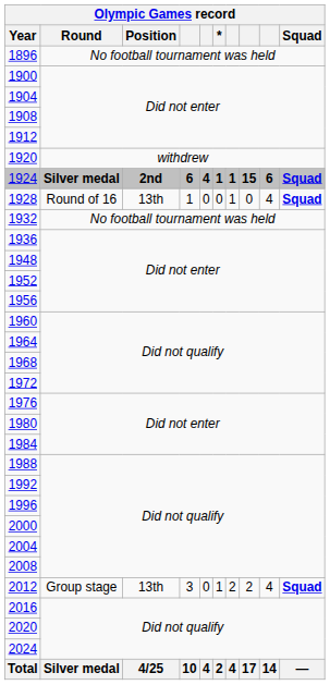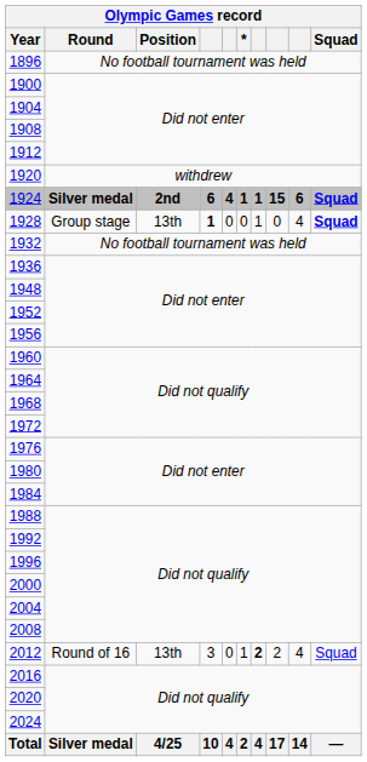 <table class="wikitable" style="text-align: center;">
 <tr>
 <th colspan=10><a href='#'>Olympic Games</a> record</th>
 </tr>
 <tr>
 <th>Year</th>
 <th>Round</th>
 <th>Position</th>
 <th></th>
 <th></th>
 <th>*</th>
 <th></th>
 <th></th>
 <th></th>
 <th>Squad</th>
 </tr>
 <tr>
 <td> <a href='#'>1896</a></td>
 <td colspan=9><em>No football tournament was held</em></td>
 </tr>
 <tr>
 <td> <a href='#'>1900</a></td>
 <td colspan=9 rowspan=4><em>Did not enter</em></td>
 </tr>
 <tr>
 <td> <a href='#'>1904</a></td>
 </tr>
 <tr>
 <td> <a href='#'>1908</a></td>
 </tr>
 <tr>
 <td> <a href='#'>1912</a></td>
 </tr>
 <tr>
 <td> <a href='#'>1920</a></td>
 <td colspan=9><em>withdrew</em></td>
 </tr>
 <tr style="background:silver">
 <td> <a href='#'>1924</a></td>
 <td><strong>Silver medal</strong></td>
 <td><strong>2nd</strong></td>
 <td><strong>6</strong></td>
 <td><strong>4</strong></td>
 <td><strong>1</strong></td>
 <td><strong>1</strong></td>
 <td><strong>15</strong></td>
 <td><strong>6</strong></td>
 <td><strong><a href='#'>Squad</a></strong></td>
 </tr>
 <tr>
 <td> <a href='#'>1928</a></td>
-<td>Round of 16</td>
+<td>Group stage</td>
 <td>13th</td>
-<td>1</td>
+<td><strong>1</strong></td>
 <td>0</td>
 <td>0</td>
 <td>1</td>
 <td>0</td>
 <td>4</td>
 <td><strong><a href='#'>Squad</a></strong></td>
 </tr>
 <tr>
 <td> <a href='#'>1932</a></td>
 <td colspan=9><em>No football tournament was held</em></td>
 </tr>
 <tr>
 <td> <a href='#'>1936</a></td>
 <td colspan=9 rowspan=4><em>Did not enter</em></td>
 </tr>
 <tr>
 <td> <a href='#'>1948</a></td>
 </tr>
 <tr>
 <td> <a href='#'>1952</a></td>
 </tr>
 <tr>
 <td> <a href='#'>1956</a></td>
 </tr>
 <tr>
 <td> <a href='#'>1960</a></td>
 <td colspan=9 rowspan=4><em>Did not qualify</em></td>
 </tr>
 <tr>
 <td> <a href='#'>1964</a></td>
 </tr>
 <tr>
 <td> <a href='#'>1968</a></td>
 </tr>
 <tr>
 <td> <a href='#'>1972</a></td>
 </tr>
 <tr>
 <td> <a href='#'>1976</a></td>
 <td colspan=9 rowspan=3><em>Did not enter</em></td>
 </tr>
 <tr>
 <td> <a href='#'>1980</a></td>
 </tr>
 <tr>
 <td> <a href='#'>1984</a></td>
 </tr>
 <tr>
 <td> <a href='#'>1988</a></td>
 <td colspan=9 rowspan=6><em>Did not qualify</em></td>
 </tr>
 <tr>
 <td> <a href='#'>1992</a></td>
 </tr>
 <tr>
 <td> <a href='#'>1996</a></td>
 </tr>
 <tr>
 <td> <a href='#'>2000</a></td>
 </tr>
 <tr>
 <td> <a href='#'>2004</a></td>
 </tr>
 <tr>
 <td> <a href='#'>2008</a></td>
 </tr>
 <tr>
 <td> <a href='#'>2012</a></td>
-<td>Group stage</td>
+<td>Round of 16</td>
 <td>13th</td>
 <td>3</td>
 <td>0</td>
 <td>1</td>
-<td>2</td>
+<td><strong>2</strong></td>
 <td>2</td>
 <td>4</td>
-<td><strong><a href='#'>Squad</a></strong></td>
+<td><a href='#'>Squad</a></td>
 </tr>
 <tr>
 <td> <a href='#'>2016</a></td>
 <td colspan="9" rowspan=3><em>Did not qualify</em></td>
 </tr>
 <tr>
 <td> <a href='#'>2020</a></td>
 </tr>
 <tr>
 <td> <a href='#'>2024</a></td>
 </tr>
 <tr>
 <th>Total</th>
 <th>Silver medal</th>
 <th>4/25</th>
 <th>10</th>
 <th>4</th>
 <th>2</th>
 <th>4</th>
 <th>17</th>
 <th>14</th>
 <th>—</th>
 </tr>
 </table>
